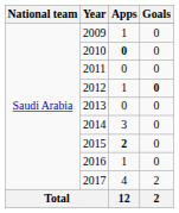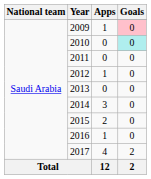 <table class=wikitable style="text-align: center">
 <tr>
 <th>National team</th>
 <th>Year</th>
 <th>Apps</th>
 <th>Goals</th>
 </tr>
 <tr>
 <td rowspan=10><a href='#'>Saudi Arabia</a></td>
 </tr>
 <tr>
 <td>2009</td>
 <td>1</td>
-<td>0</td>
+<td style="background: pink;">0</td>
 </tr>
 <tr>
 <td>2010</td>
-<td><strong>0</strong></td>
 <td>0</td>
+<td style="background: paleturquoise;">0</td>
 </tr>
 <tr>
 <td>2011</td>
 <td>0</td>
 <td>0</td>
 </tr>
 <tr>
 <td>2012</td>
 <td>1</td>
-<td><strong>0</strong></td>
+<td>0</td>
 </tr>
 <tr>
 <td>2013</td>
 <td>0</td>
 <td>0</td>
 </tr>
 <tr>
 <td>2014</td>
 <td>3</td>
 <td>0</td>
 </tr>
 <tr>
 <td>2015</td>
-<td><strong>2</strong></td>
+<td>2</td>
 <td>0</td>
 </tr>
 <tr>
 <td>2016</td>
 <td>1</td>
 <td>0</td>
 </tr>
 <tr>
 <td>2017</td>
 <td>4</td>
 <td>2</td>
 </tr>
 <tr>
 <th colspan=2>Total</th>
 <th>12</th>
 <th>2</th>
 </tr>
 </table>
